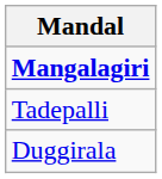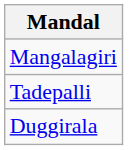 <table class="wikitable sortable static-row-numbers static-row-header-hash">
 <tr>
 <th>Mandal</th>
 </tr>
 <tr>
-<td><strong><a href='#'>Mangalagiri</a></strong></td>
+<td><a href='#'>Mangalagiri</a></td>
 </tr>
 <tr>
 <td><a href='#'>Tadepalli</a></td>
 </tr>
 <tr>
 <td><a href='#'>Duggirala</a></td>
 </tr>
 </table>
